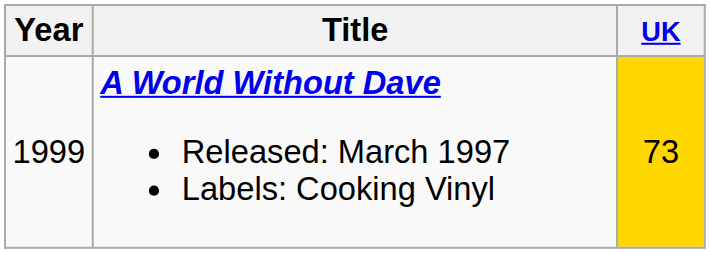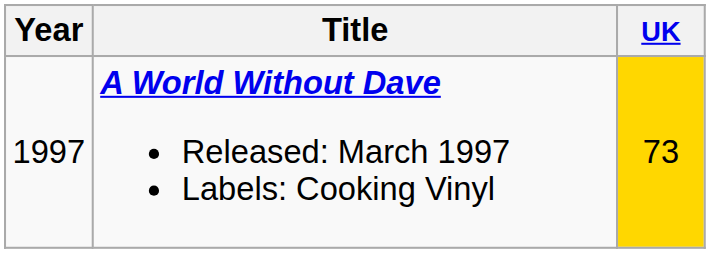 <table class="wikitable">
 <tr>
 <th width="35">Year</th>
 <th width="250">Title</th>
 <th width="35"><small><a href='#'>UK</a></small><br></th>
 </tr>
 <tr>
-<td>1999</td>
+<td>1997</td>
 <td><strong><em><a href='#'>A World Without Dave</a></em></strong><br><ul><li>Released: March 1997</li><li>Labels: Cooking Vinyl</li></ul></td>
 <td align="center" style="background: gold;">73</td>
 </tr>
 </table>
